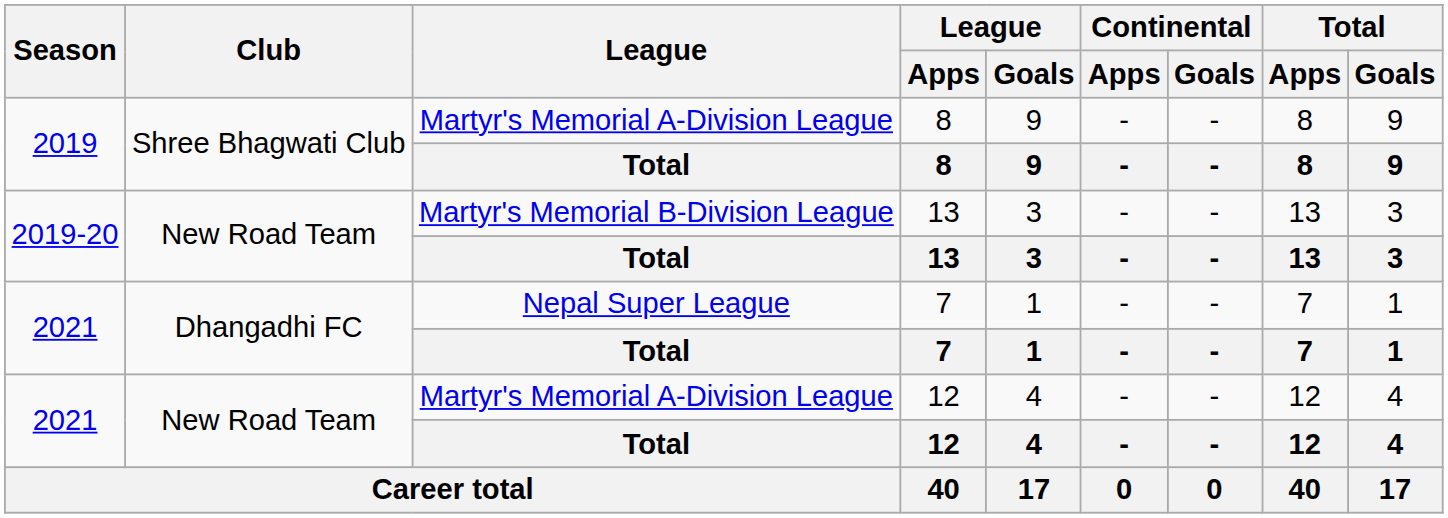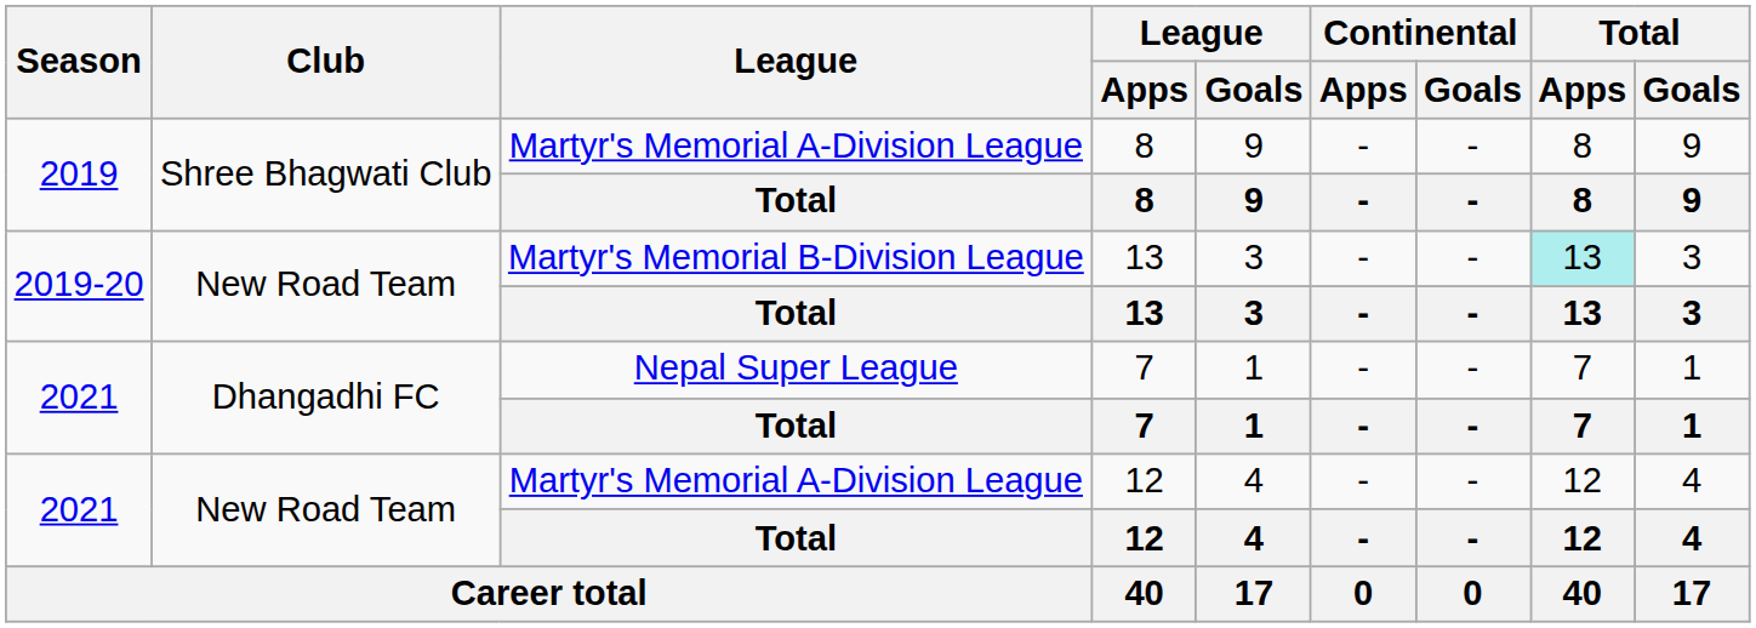 <table class="wikitable" style="text-align:center;">
 <tr>
 <th rowspan=2>Season</th>
 <th rowspan=2>Club</th>
 <th rowspan=2>League</th>
 <th colspan=2>League</th>
 <th colspan=2>Continental</th>
 <th colspan=2>Total</th>
 </tr>
 <tr>
 <th>Apps</th>
 <th>Goals</th>
 <th>Apps</th>
 <th>Goals</th>
 <th>Apps</th>
 <th>Goals</th>
 </tr>
 <tr>
 <td rowspan=2><a href='#'>2019</a></td>
 <td rowspan=2>Shree Bhagwati Club</td>
 <td><a href='#'>Martyr's Memorial A-Division League</a></td>
 <td>8</td>
 <td>9</td>
 <td>-</td>
 <td>-</td>
 <td>8</td>
 <td>9</td>
 </tr>
 <tr>
 <th>Total</th>
 <th>8</th>
 <th>9</th>
 <th>-</th>
 <th>-</th>
 <th>8</th>
 <th>9</th>
 </tr>
 <tr>
 <td rowspan=2><a href='#'>2019-20</a></td>
 <td rowspan=2>New Road Team</td>
 <td><a href='#'>Martyr's Memorial B-Division League</a></td>
 <td>13</td>
 <td>3</td>
 <td>-</td>
 <td>-</td>
-<td>13</td>
+<td style="background: paleturquoise;">13</td>
 <td>3</td>
 </tr>
 <tr>
 <th>Total</th>
 <th>13</th>
 <th>3</th>
 <th>-</th>
 <th>-</th>
 <th>13</th>
 <th>3</th>
 </tr>
 <tr>
 <td rowspan=2><a href='#'>2021</a></td>
 <td rowspan=2>Dhangadhi FC</td>
 <td><a href='#'>Nepal Super League</a></td>
 <td>7</td>
 <td>1</td>
 <td>-</td>
 <td>-</td>
 <td>7</td>
 <td>1</td>
 </tr>
 <tr>
 <th>Total</th>
 <th>7</th>
 <th>1</th>
 <th>-</th>
 <th>-</th>
 <th>7</th>
 <th>1</th>
 </tr>
 <tr>
 <td rowspan=2><a href='#'>2021</a></td>
 <td rowspan=2>New Road Team</td>
 <td><a href='#'>Martyr's Memorial A-Division League</a></td>
 <td>12</td>
 <td>4</td>
 <td>-</td>
 <td>-</td>
 <td>12</td>
 <td>4</td>
 </tr>
 <tr>
 <th>Total</th>
 <th>12</th>
 <th>4</th>
 <th>-</th>
 <th>-</th>
 <th>12</th>
 <th>4</th>
 </tr>
 <tr>
 <th colspan="3">Career total</th>
 <th>40</th>
 <th>17</th>
 <th>0</th>
 <th>0</th>
 <th>40</th>
 <th>17</th>
 </tr>
 </table>
